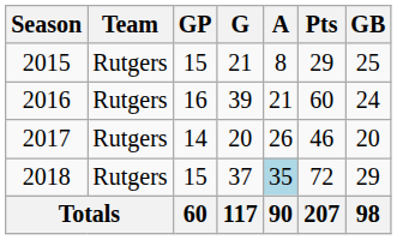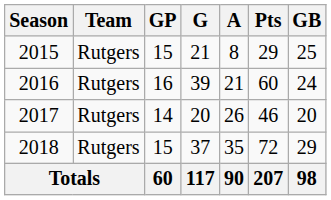 <table class="wikitable" style="text-align:center">
 <tr>
 <th>Season</th>
 <th>Team</th>
 <th>GP</th>
 <th>G</th>
 <th>A</th>
 <th>Pts</th>
 <th>GB</th>
 </tr>
 <tr>
 <td>2015</td>
 <td>Rutgers</td>
 <td>15</td>
 <td>21</td>
 <td>8</td>
 <td>29</td>
 <td>25</td>
 </tr>
 <tr>
 <td>2016</td>
 <td>Rutgers</td>
 <td>16</td>
 <td>39</td>
 <td>21</td>
 <td>60</td>
 <td>24</td>
 </tr>
 <tr>
 <td>2017</td>
 <td>Rutgers</td>
 <td>14</td>
 <td>20</td>
 <td>26</td>
 <td>46</td>
 <td>20</td>
 </tr>
 <tr>
 <td>2018</td>
 <td>Rutgers</td>
 <td>15</td>
 <td>37</td>
-<td style="background: lightblue;">35</td>
+<td>35</td>
 <td>72</td>
 <td>29</td>
 </tr>
 <tr ALIGN="center" bgcolor="#e0e0e0">
 <th colspan="2">Totals</th>
 <th>60</th>
 <th>117</th>
 <th>90</th>
 <th>207</th>
 <th>98</th>
 </tr>
 </table>
